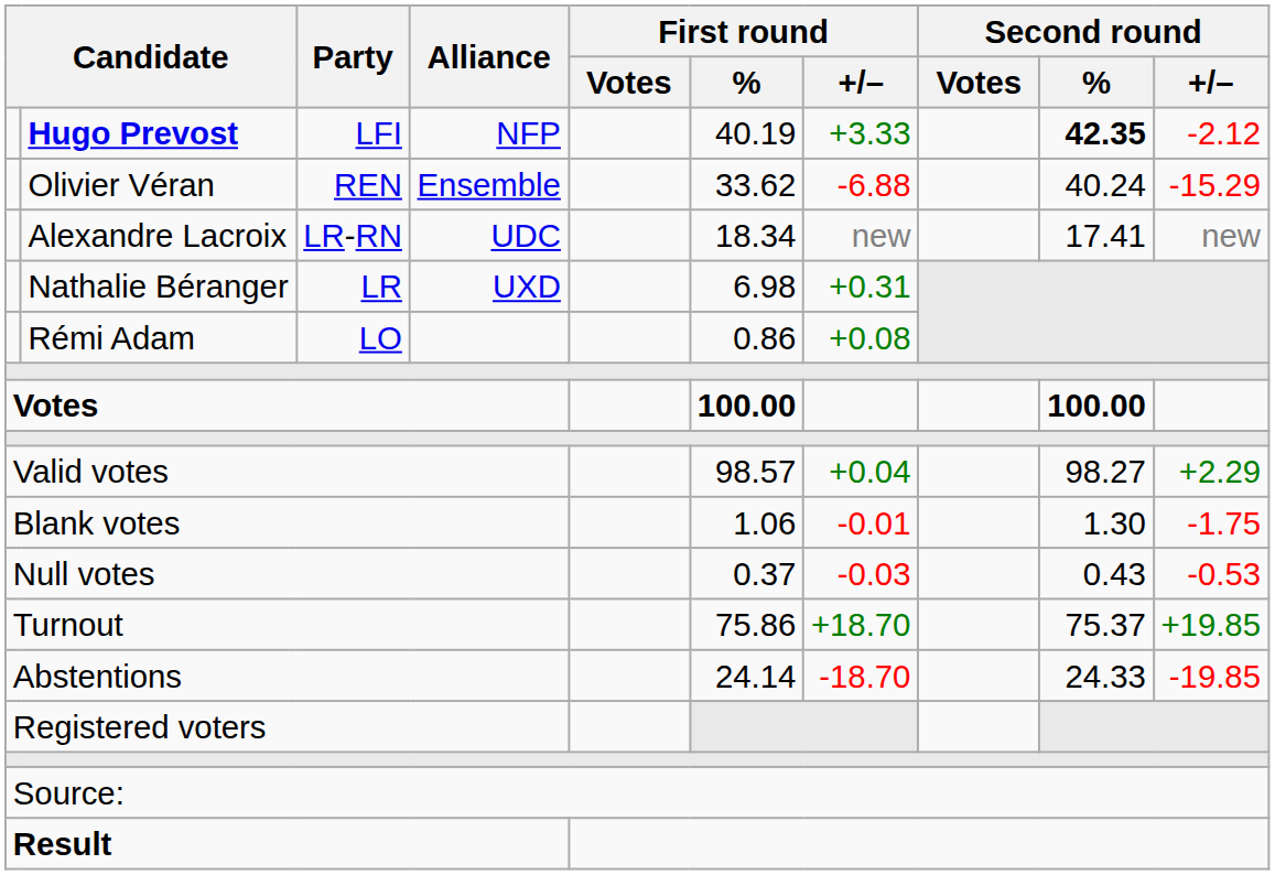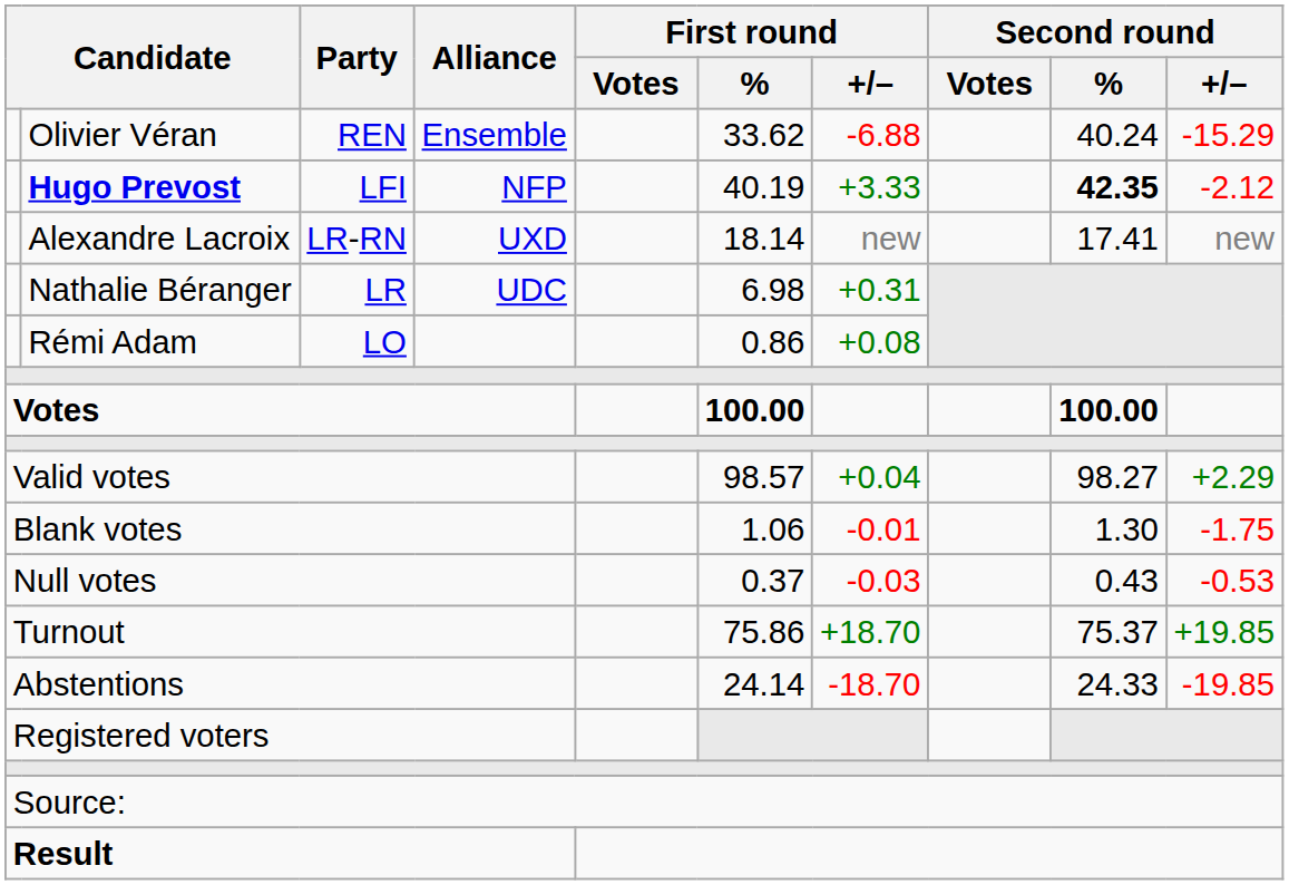 <table class="wikitable" style="text-align:right;font-size:95%;">
 <tr>
 <th colspan="2" rowspan="2">Candidate</th>
 <th colspan="1" rowspan="2">Party</th>
 <th colspan="1" rowspan="2">Alliance</th>
 <th colspan="3">First round</th>
 <th colspan="3">Second round</th>
 </tr>
 <tr>
 <th style="width:50px;">Votes</th>
 <th style="width:45px;">%</th>
 <th style="width:45px;">+/–</th>
 <th style="width:50px;">Votes</th>
 <th style="width:45px;">%</th>
 <th style="width:45px;">+/–</th>
 </tr>
 <tr>
 <td style="color:inherit;background:"></td>
+<td style="text-align:left;">Olivier Véran</td>
+<td><a href='#'>REN</a></td>
+<td><a href='#'>Ensemble</a></td>
+<td></td>
+<td>33.62</td>
+<td style="color:red;">-6.88</td>
+<td></td>
+<td>40.24</td>
+<td style="color:red;">-15.29</td>
+</tr>
+<tr>
+<td style="color:inherit;background:"></td>
 <td style="text-align:left;"><strong><a href='#'>Hugo Prevost</a></strong></td>
 <td><a href='#'>LFI</a></td>
 <td><a href='#'>NFP</a></td>
 <td></td>
 <td>40.19</td>
 <td style="color:green;">+3.33</td>
 <td><strong></strong></td>
 <td><strong>42.35</strong></td>
 <td style="color:red;">-2.12</td>
 </tr>
 <tr>
 <td style="color:inherit;background:"></td>
-<td style="text-align:left;">Olivier Véran</td>
-<td><a href='#'>REN</a></td>
-<td><a href='#'>Ensemble</a></td>
-<td></td>
-<td>33.62</td>
-<td style="color:red;">-6.88</td>
-<td></td>
-<td>40.24</td>
-<td style="color:red;">-15.29</td>
-</tr>
-<tr>
-<td style="color:inherit;background:"></td>
 <td style="text-align:left;">Alexandre Lacroix</td>
 <td><a href='#'>LR</a>-<a href='#'>RN</a></td>
-<td><a href='#'>UDC</a></td>
+<td><a href='#'>UXD</a></td>
 <td></td>
-<td>18.34</td>
+<td>18.14</td>
 <td style="color:grey;">new</td>
 <td></td>
 <td>17.41</td>
 <td style="color:grey;">new</td>
 </tr>
 <tr>
 <td style="color:inherit;background:"></td>
 <td style="text-align:left;">Nathalie Béranger</td>
 <td><a href='#'>LR</a></td>
-<td><a href='#'>UXD</a></td>
+<td><a href='#'>UDC</a></td>
 <td></td>
 <td>6.98</td>
 <td style="color:green;">+0.31</td>
 <td colspan="3" rowspan="2" style="background:#E9E9E9;"></td>
 </tr>
 <tr>
 <td style="color:inherit;background:"></td>
 <td style="text-align:left;">Rémi Adam</td>
 <td><a href='#'>LO</a></td>
 <td></td>
 <td></td>
 <td>0.86</td>
 <td style="color:green;">+0.08</td>
 </tr>
 <tr>
 <td colspan="10" style="background:#E9E9E9;"></td>
 </tr>
 <tr style="font-weight:bold;">
 <td colspan="4" style="text-align:left;">Votes</td>
 <td></td>
 <td>100.00</td>
 <td></td>
 <td></td>
 <td>100.00</td>
 <td></td>
 </tr>
 <tr>
 <td colspan="10" style="background:#E9E9E9;"></td>
 </tr>
 <tr>
 <td colspan="4" style="text-align:left;">Valid votes</td>
 <td></td>
 <td>98.57</td>
 <td style="color:green;">+0.04</td>
 <td></td>
 <td>98.27</td>
 <td style="color:green;">+2.29</td>
 </tr>
 <tr>
 <td colspan="4" style="text-align:left;">Blank votes</td>
 <td></td>
 <td>1.06</td>
 <td style="color:red;">-0.01</td>
 <td></td>
 <td>1.30</td>
 <td style="color:red;">-1.75</td>
 </tr>
 <tr>
 <td colspan="4" style="text-align:left;">Null votes</td>
 <td></td>
 <td>0.37</td>
 <td style="color:red;">-0.03</td>
 <td></td>
 <td>0.43</td>
 <td style="color:red;">-0.53</td>
 </tr>
 <tr>
 <td colspan="4" style="text-align:left;">Turnout</td>
 <td></td>
 <td>75.86</td>
 <td style="color:green;">+18.70</td>
 <td></td>
 <td>75.37</td>
 <td style="color:green;">+19.85</td>
 </tr>
 <tr>
 <td colspan="4" style="text-align:left;">Abstentions</td>
 <td></td>
 <td>24.14</td>
 <td style="color:red;">-18.70</td>
 <td></td>
 <td>24.33</td>
 <td style="color:red;">-19.85</td>
 </tr>
 <tr>
 <td colspan="4" style="text-align:left;">Registered voters</td>
 <td></td>
 <td colspan="2" style="background:#E9E9E9;"></td>
 <td></td>
 <td colspan="2" style="background:#E9E9E9;"></td>
 </tr>
 <tr>
 <td colspan="10" style="background:#E9E9E9;"></td>
 </tr>
 <tr>
 <td colspan="10" style="text-align:left;">Source: </td>
 </tr>
 <tr style="font-weight:bold">
 <td colspan="4" style="text-align:left;">Result</td>
 <td colspan="6" style="background-color:"></td>
 </tr>
 </table>
